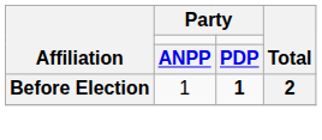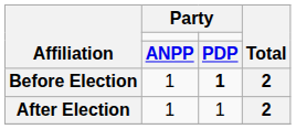 <table class=wikitable style="text-align:center">
 <tr style="vertical-align:bottom;">
 <th rowspan=3>Affiliation</th>
 <th colspan=2>Party</th>
 <th rowspan=3>Total</th>
 </tr>
 <tr>
 <td style="background-color:"></td>
 <td style="background-color:"></td>
 </tr>
 <tr>
 <th><a href='#'>ANPP</a></th>
 <th><a href='#'>PDP</a></th>
 </tr>
 <tr>
 <th>Before Election</th>
 <td>1</td>
 <td><strong>1</strong></td>
 <th>2</th>
 </tr>
 <tr>
+<th>After Election</th>
+<td>1</td>
+<td>1</td>
+<th>2</th>
+</tr>
+<tr>
 </tr>
 </table>
